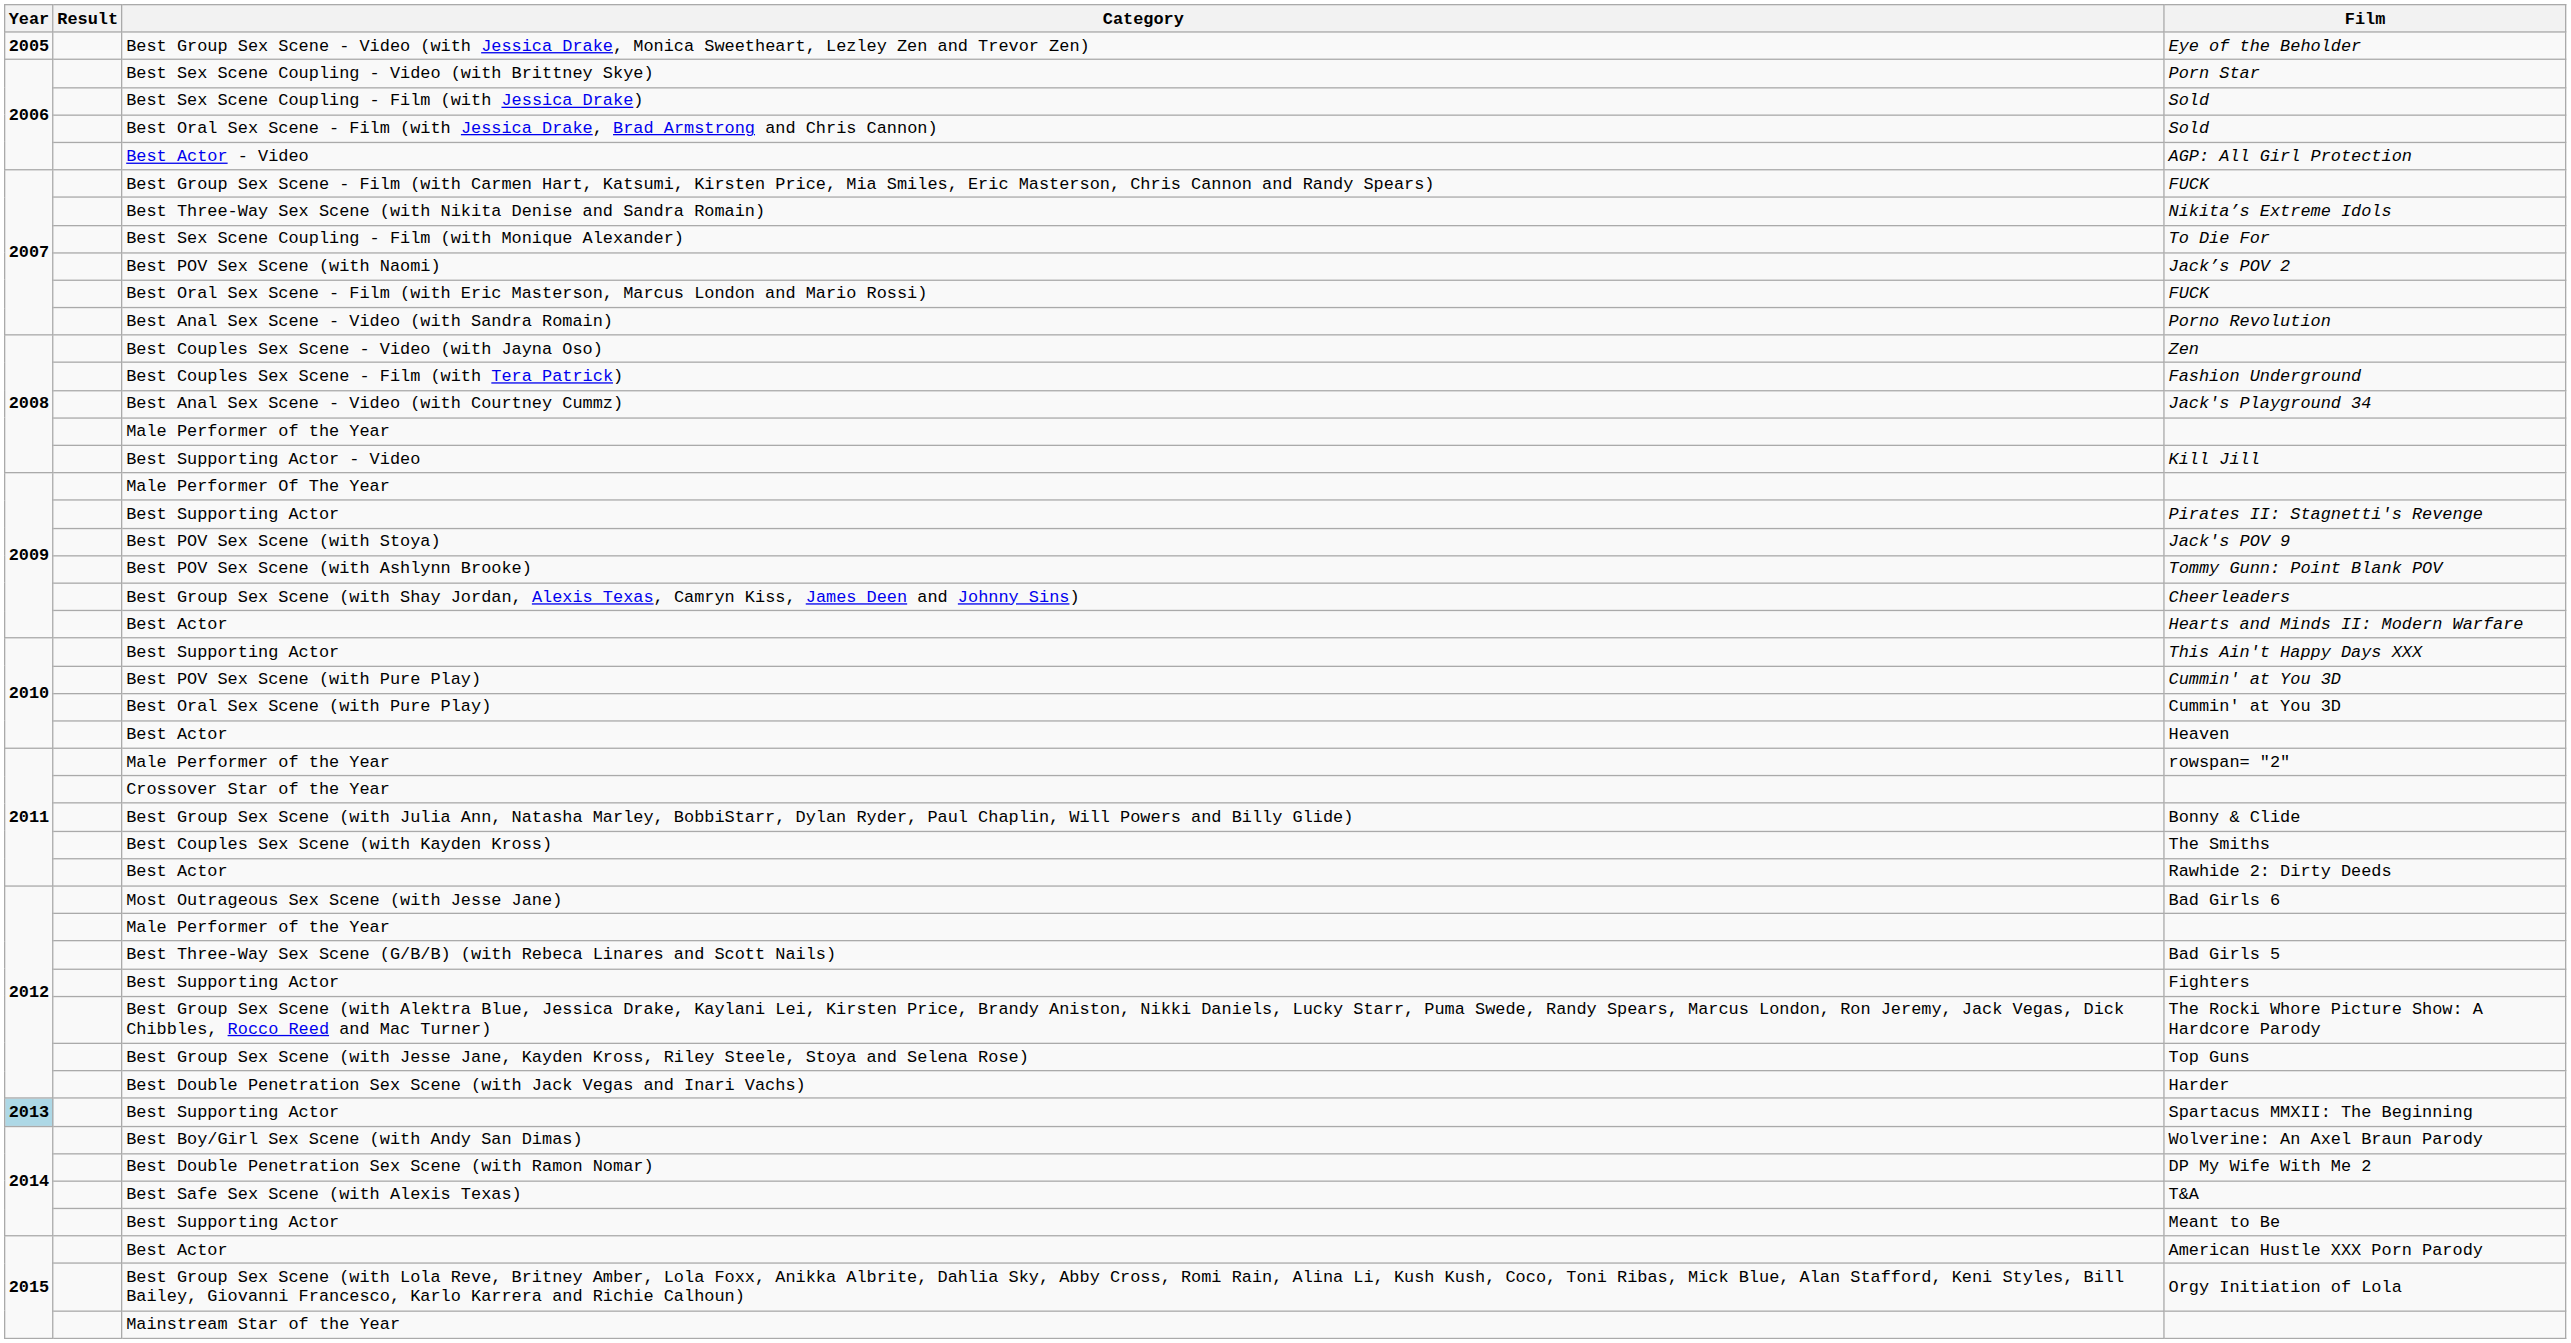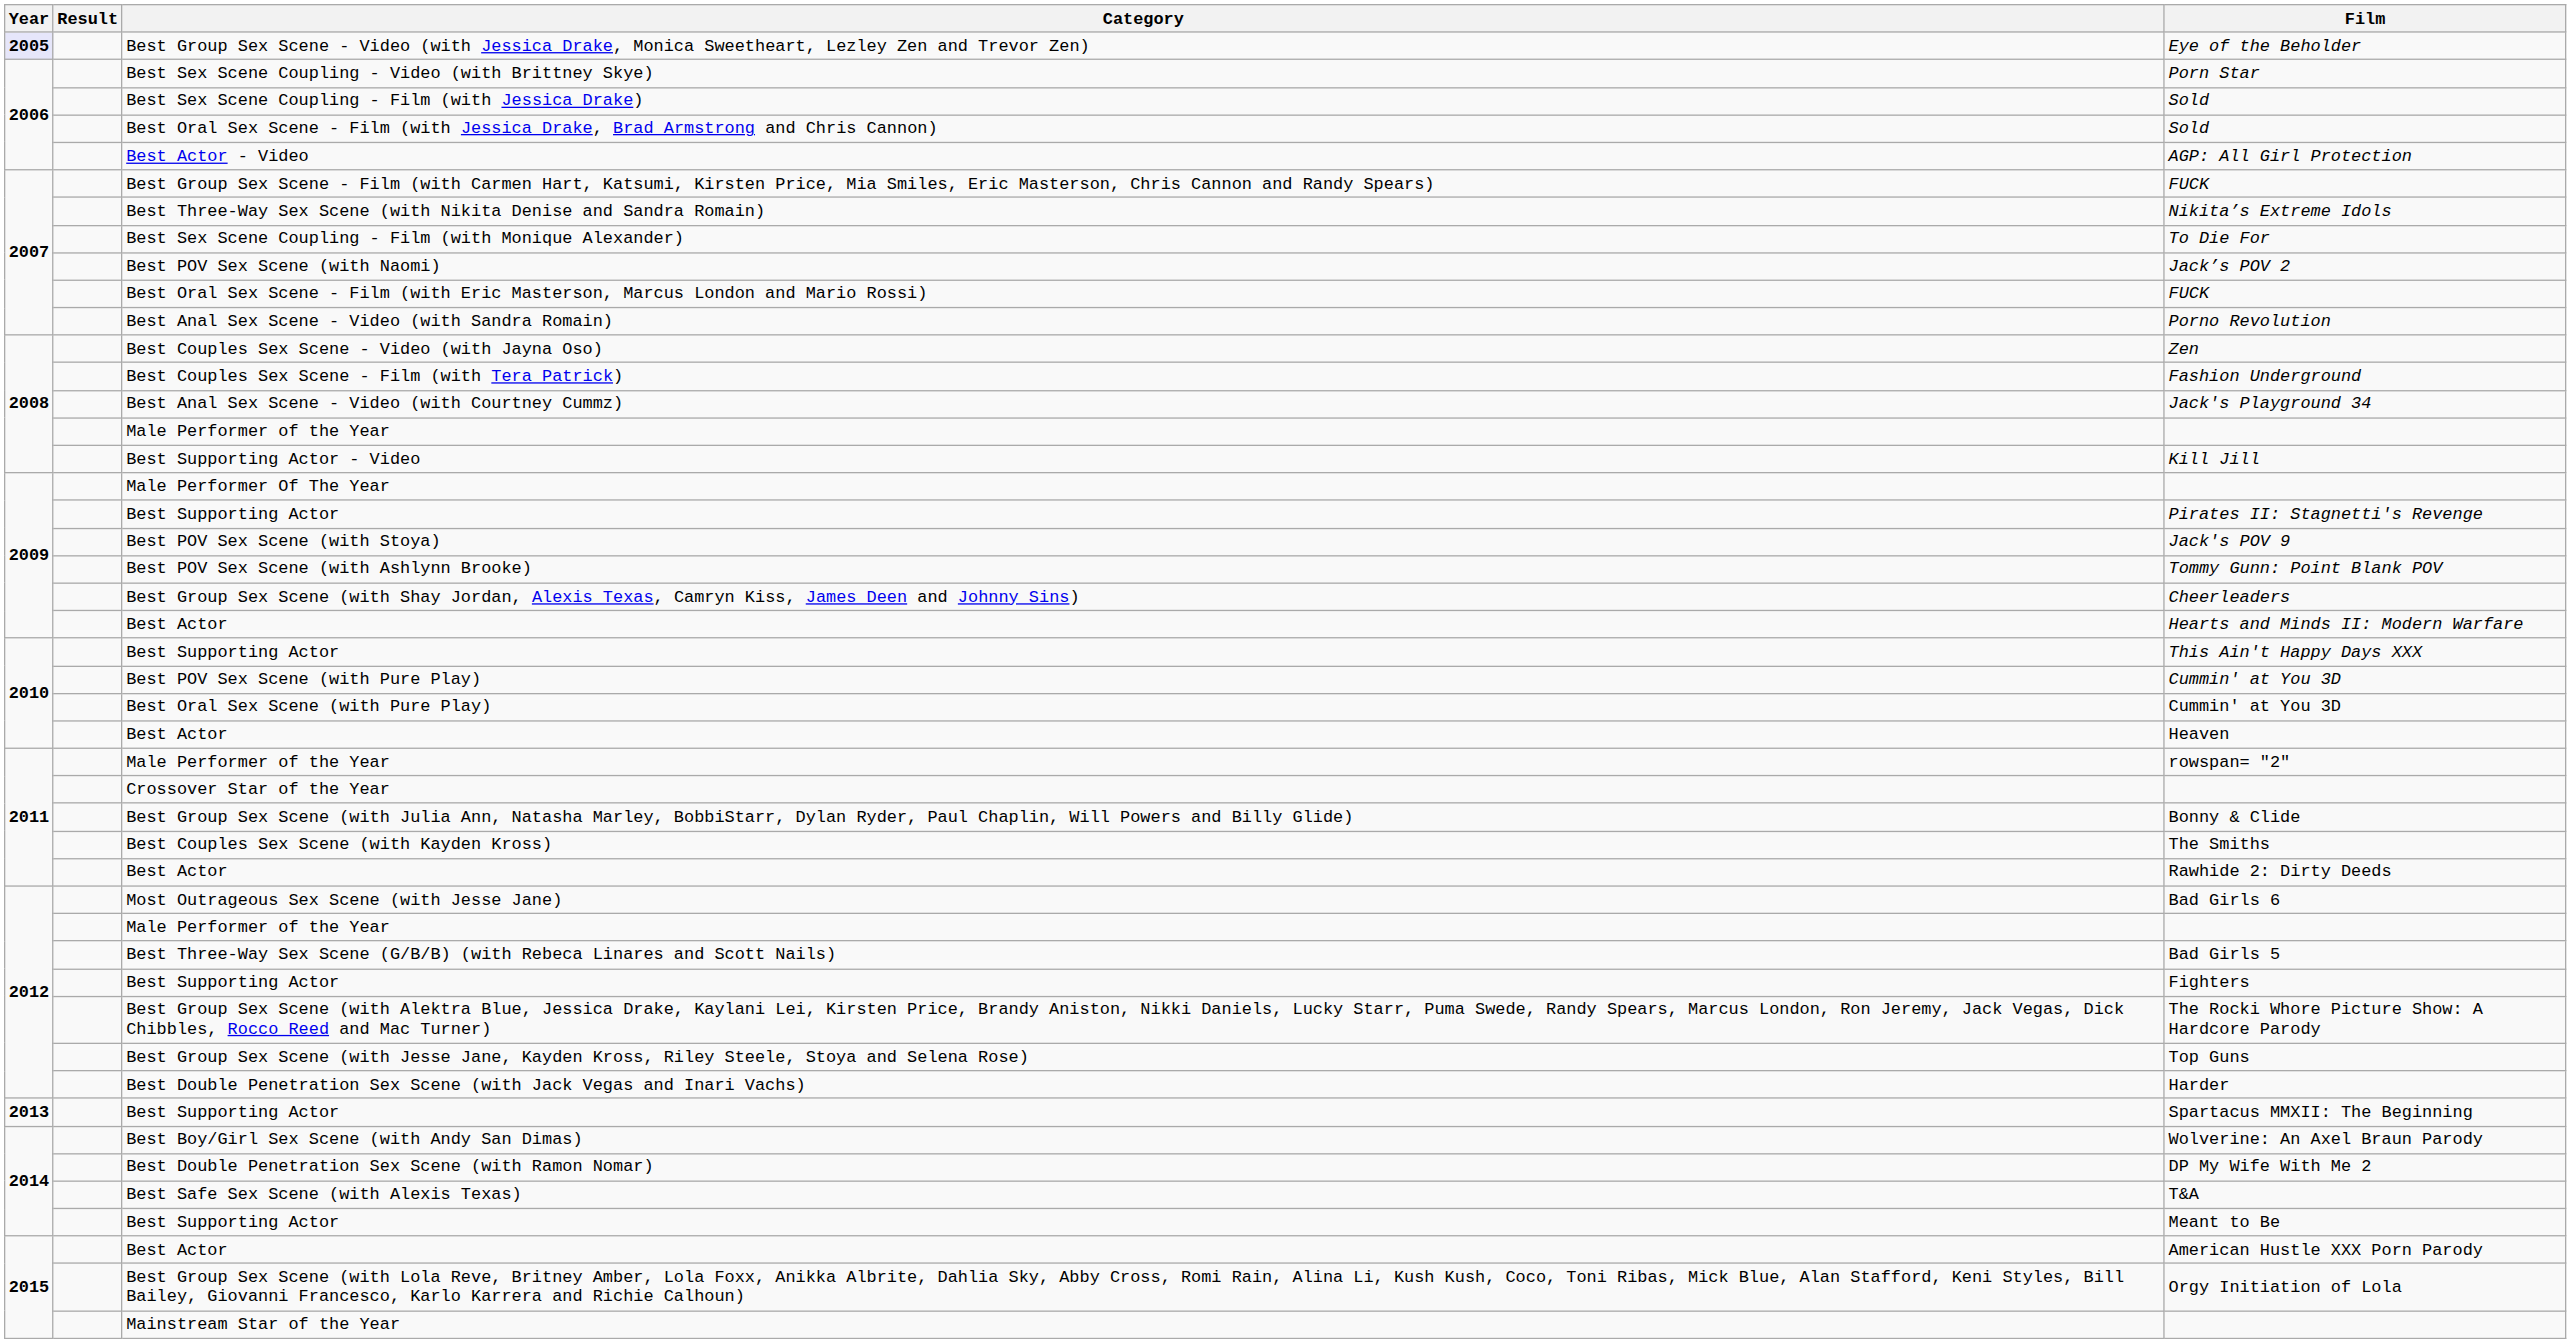 <table class="wikitable">
 <tr>
 <th>Year</th>
 <th>Result</th>
 <th>Category</th>
 <th>Film</th>
 </tr>
 <tr>
-<td><strong>2005</strong></td>
+<td style="background: lavender;"><strong>2005</strong></td>
 <td></td>
 <td>Best Group Sex Scene - Video (with <a href='#'>Jessica Drake</a>, Monica Sweetheart, Lezley Zen and Trevor Zen)</td>
 <td><em>Eye of the Beholder</em></td>
 </tr>
 <tr>
 <td rowspan="4"><strong>2006</strong></td>
 <td></td>
 <td>Best Sex Scene Coupling - Video (with Brittney Skye)</td>
 <td><em>Porn Star</em></td>
 </tr>
 <tr>
 <td></td>
 <td>Best Sex Scene Coupling - Film (with <a href='#'>Jessica Drake</a>)</td>
 <td><em>Sold</em></td>
 </tr>
 <tr>
 <td></td>
 <td>Best Oral Sex Scene - Film (with <a href='#'>Jessica Drake</a>, <a href='#'>Brad Armstrong</a> and Chris Cannon)</td>
 <td><em>Sold</em></td>
 </tr>
 <tr>
 <td></td>
 <td><a href='#'>Best Actor</a> - Video</td>
 <td><em>AGP: All Girl Protection</em></td>
 </tr>
 <tr>
 <td rowspan="6"><strong>2007</strong></td>
 <td></td>
 <td>Best Group Sex Scene - Film (with Carmen Hart, Katsumi, Kirsten Price, Mia Smiles, Eric Masterson, Chris Cannon and Randy Spears)</td>
 <td><em>FUCK</em></td>
 </tr>
 <tr>
 <td></td>
 <td>Best Three-Way Sex Scene (with Nikita Denise and Sandra Romain)</td>
 <td><em>Nikita’s Extreme Idols</em></td>
 </tr>
 <tr>
 <td></td>
 <td>Best Sex Scene Coupling - Film (with Monique Alexander)</td>
 <td><em>To Die For</em></td>
 </tr>
 <tr>
 <td></td>
 <td>Best POV Sex Scene (with Naomi)</td>
 <td><em>Jack’s POV 2</em></td>
 </tr>
 <tr>
 <td></td>
 <td>Best Oral Sex Scene - Film (with Eric Masterson, Marcus London and Mario Rossi)</td>
 <td><em>FUCK</em></td>
 </tr>
 <tr>
 <td></td>
 <td>Best Anal Sex Scene - Video (with Sandra Romain)</td>
 <td><em>Porno Revolution</em></td>
 </tr>
 <tr>
 <td rowspan="5"><strong>2008</strong></td>
 <td></td>
 <td>Best Couples Sex Scene - Video (with Jayna Oso)</td>
 <td><em>Zen</em></td>
 </tr>
 <tr>
 <td></td>
 <td>Best Couples Sex Scene - Film (with <a href='#'>Tera Patrick</a>)</td>
 <td><em>Fashion Underground</em></td>
 </tr>
 <tr>
 <td></td>
 <td>Best Anal Sex Scene - Video (with Courtney Cummz)</td>
 <td><em>Jack's Playground 34</em></td>
 </tr>
 <tr>
 <td></td>
 <td>Male Performer of the Year</td>
 <td></td>
 </tr>
 <tr>
 <td></td>
 <td>Best Supporting Actor - Video</td>
 <td><em>Kill Jill</em></td>
 </tr>
 <tr>
 <td rowspan="6"><strong>2009</strong></td>
 <td></td>
 <td>Male Performer Of The Year</td>
 <td></td>
 </tr>
 <tr>
 <td></td>
 <td>Best Supporting Actor</td>
 <td><em>Pirates II: Stagnetti's Revenge</em></td>
 </tr>
 <tr>
 <td></td>
 <td>Best POV Sex Scene (with Stoya)</td>
 <td><em>Jack's POV 9</em></td>
 </tr>
 <tr>
 <td></td>
 <td>Best POV Sex Scene (with Ashlynn Brooke)</td>
 <td><em>Tommy Gunn: Point Blank POV</em></td>
 </tr>
 <tr>
 <td></td>
 <td>Best Group Sex Scene (with Shay Jordan, <a href='#'>Alexis Texas</a>, Camryn Kiss, <a href='#'>James Deen</a> and <a href='#'>Johnny Sins</a>)</td>
 <td><em>Cheerleaders</em></td>
 </tr>
 <tr>
 <td></td>
 <td>Best Actor</td>
 <td><em>Hearts and Minds II: Modern Warfare</em></td>
 </tr>
 <tr>
 <td rowspan="4"><strong>2010</strong></td>
 <td></td>
 <td>Best Supporting Actor</td>
 <td><em>This Ain't Happy Days XXX</em></td>
 </tr>
 <tr>
 <td></td>
 <td>Best POV Sex Scene (with Pure Play)</td>
 <td><em>Cummin' at You 3D</td>
 </tr>
 <tr>
 <td></td>
 <td>Best Oral Sex Scene (with Pure Play)</td>
 <td></em>Cummin' at You 3D<em></td>
 </tr>
 <tr>
 <td></td>
 <td>Best Actor</td>
 <td></em>Heaven<em></td>
 </tr>
 <tr>
 <td rowspan="5"><strong>2011</strong></td>
 <td></td>
 <td>Male Performer of the Year</td>
 <td>rowspan= "2" </td>
 </tr>
 <tr>
 <td></td>
 <td>Crossover Star of the Year</td>
 </tr>
 <tr>
 <td></td>
 <td>Best Group Sex Scene (with Julia Ann, Natasha Marley, BobbiStarr, Dylan Ryder, Paul Chaplin, Will Powers and Billy Glide)</td>
 <td></em>Bonny & Clide<em></td>
 </tr>
 <tr>
 <td></td>
 <td>Best Couples Sex Scene (with Kayden Kross)</td>
 <td></em>The Smiths<em></td>
 </tr>
 <tr>
 <td></td>
 <td>Best Actor</td>
 <td></em>Rawhide 2: Dirty Deeds<em></td>
 </tr>
 <tr>
 <td rowspan="7"><strong>2012</strong></td>
 <td></td>
 <td>Most Outrageous Sex Scene (with Jesse Jane)</td>
 <td></em>Bad Girls 6<em></td>
 </tr>
 <tr>
 <td></td>
 <td>Male Performer of the Year</td>
 <td></td>
 </tr>
 <tr>
 <td></td>
 <td>Best Three-Way Sex Scene (G/B/B) (with Rebeca Linares and Scott Nails)</td>
 <td></em>Bad Girls 5<em></td>
 </tr>
 <tr>
 <td></td>
 <td>Best Supporting Actor</td>
 <td></em>Fighters<em></td>
 </tr>
 <tr>
 <td></td>
 <td>Best Group Sex Scene (with  Alektra Blue, Jessica Drake, Kaylani Lei, Kirsten Price, Brandy Aniston, Nikki Daniels, Lucky Starr, Puma Swede, Randy Spears, Marcus London, Ron Jeremy, Jack Vegas, Dick Chibbles, <a href='#'>Rocco Reed</a> and Mac Turner)</td>
 <td></em>The Rocki Whore Picture Show: A Hardcore Parody<em></td>
 </tr>
 <tr>
 <td></td>
 <td>Best Group Sex Scene (with Jesse Jane, Kayden Kross, Riley Steele, Stoya and Selena Rose)</td>
 <td></em>Top Guns<em></td>
 </tr>
 <tr>
 <td></td>
 <td>Best Double Penetration Sex Scene (with Jack Vegas and Inari Vachs)</td>
 <td></em>Harder<em></td>
 </tr>
 <tr>
-<td style="background: lightblue;"><strong>2013</strong></td>
+<td><strong>2013</strong></td>
 <td></td>
 <td>Best Supporting Actor</td>
 <td></em>Spartacus MMXII: The Beginning<em></td>
 </tr>
 <tr>
 <td rowspan="4"><strong>2014</strong></td>
 <td></td>
 <td>Best Boy/Girl Sex Scene (with Andy San Dimas)</td>
 <td></em>Wolverine: An Axel Braun Parody<em></td>
 </tr>
 <tr>
 <td></td>
 <td>Best Double Penetration Sex Scene (with Ramon Nomar)</td>
 <td></em>DP My Wife With Me 2<em></td>
 </tr>
 <tr>
 <td></td>
 <td>Best Safe Sex Scene (with Alexis Texas)</td>
 <td></em>T&A<em></td>
 </tr>
 <tr>
 <td></td>
 <td>Best Supporting Actor</td>
 <td></em>Meant to Be<em></td>
 </tr>
 <tr>
 <td rowspan="3"><strong>2015</strong></td>
 <td></td>
 <td>Best Actor</td>
 <td></em>American Hustle XXX Porn Parody<em></td>
 </tr>
 <tr>
 <td></td>
 <td>Best Group Sex Scene (with Lola Reve, Britney Amber, Lola Foxx, Anikka Albrite, Dahlia Sky, Abby Cross, Romi Rain, Alina Li, Kush Kush, Coco, Toni Ribas, Mick Blue, Alan Stafford, Keni Styles, Bill Bailey, Giovanni Francesco, Karlo Karrera and Richie Calhoun)</td>
 <td></em>Orgy Initiation of Lola<em></td>
 </tr>
 <tr>
 <td></td>
 <td>Mainstream Star of the Year</td>
 <td></td>
 </tr>
 </table>
